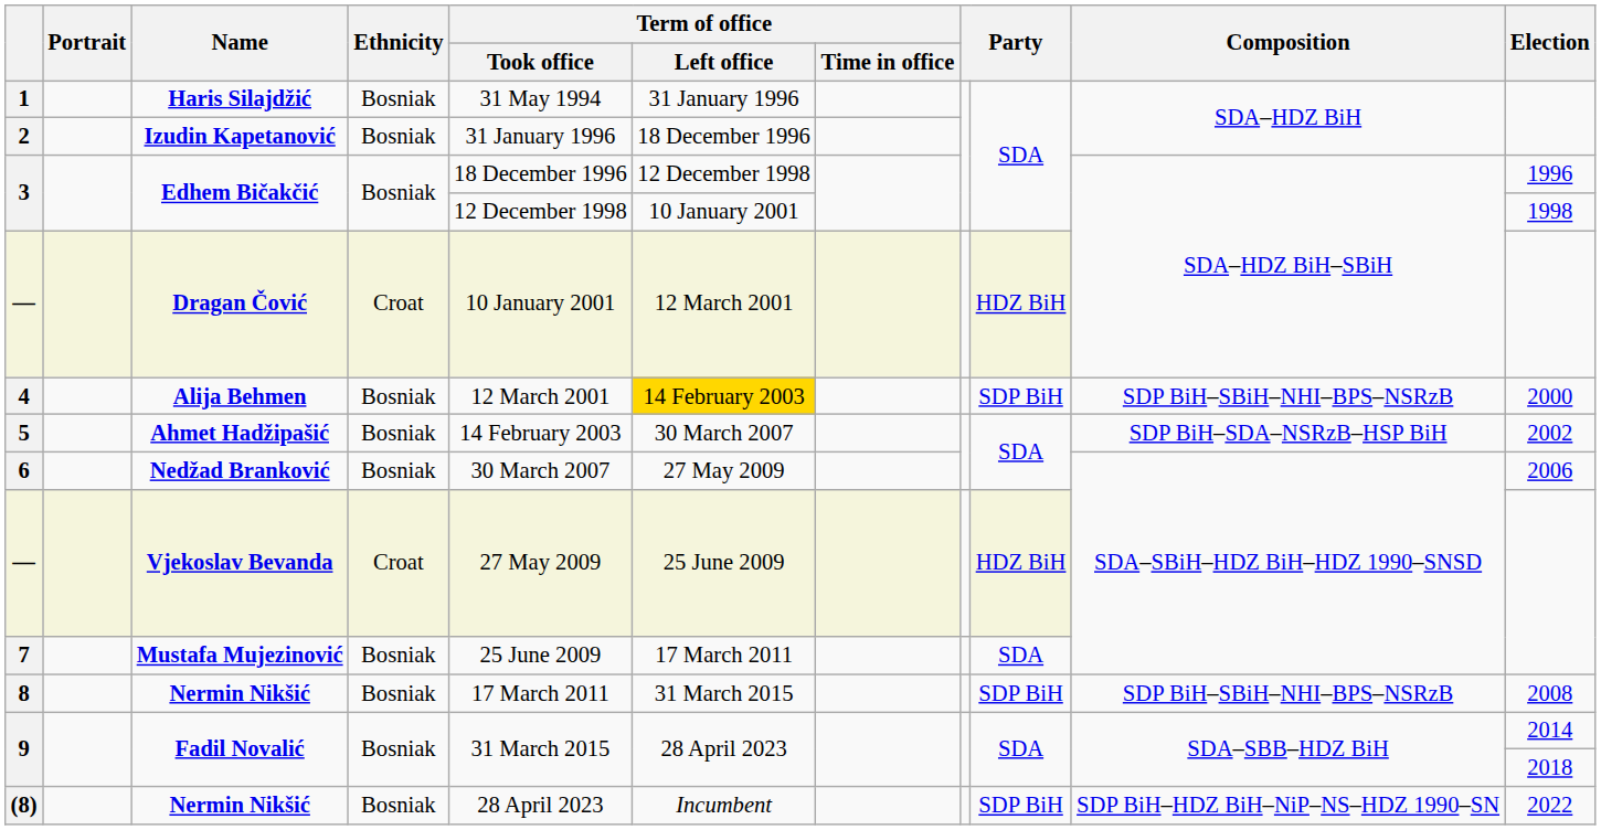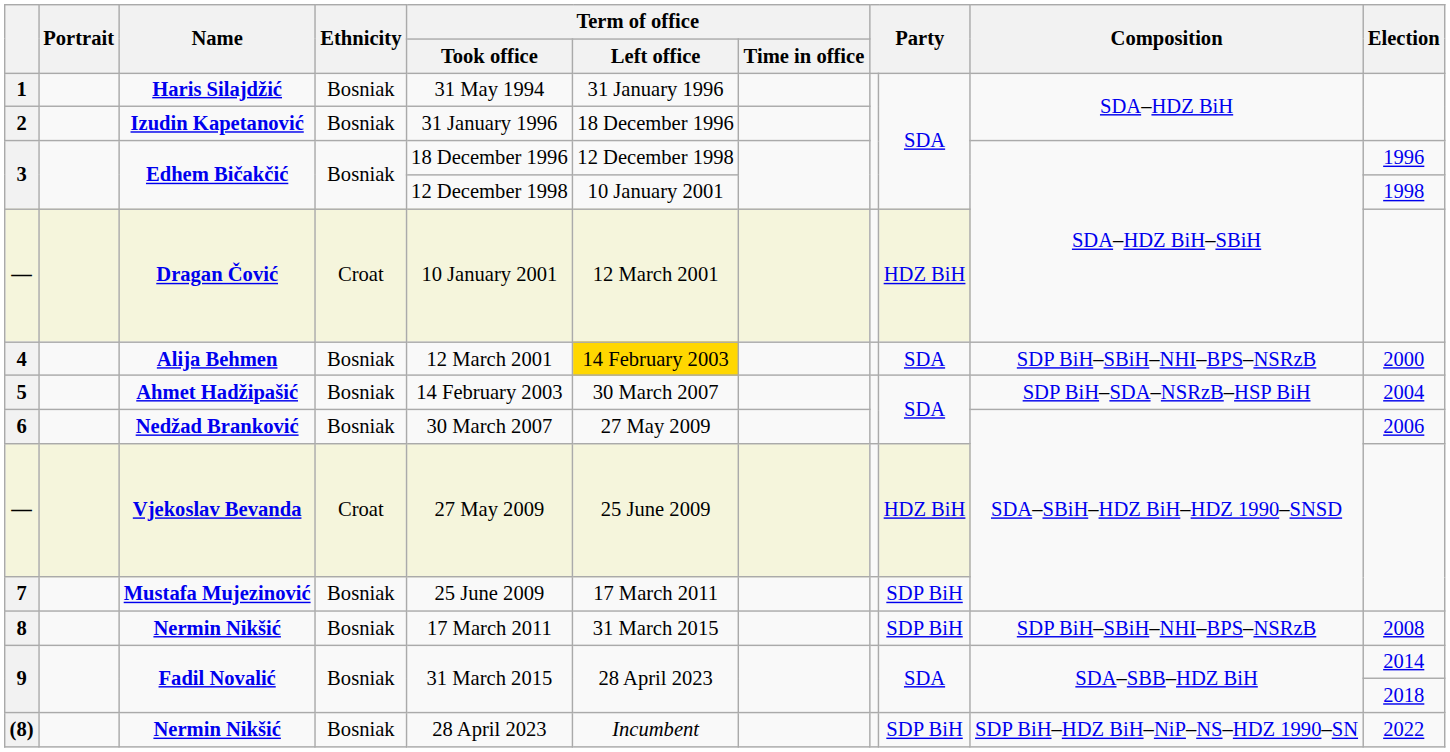 <table class="wikitable sortable" style="text-align: center;font-size:90%; border:1px #AAAAFF solid">
 <tr>
 <th rowspan=2></th>
 <th rowspan=2>Portrait</th>
 <th rowspan=2>Name<br></th>
 <th rowspan=2>Ethnicity</th>
 <th colspan=3>Term of office</th>
 <th rowspan=2 colspan=2>Party</th>
 <th rowspan=2>Composition</th>
 <th rowspan=2>Election</th>
 </tr>
 <tr>
 <th>Took office</th>
 <th>Left office</th>
 <th>Time in office</th>
 </tr>
 <tr>
 <th>1</th>
 <td></td>
 <td><strong><a href='#'>Haris Silajdžić</a></strong><br></td>
 <td>Bosniak</td>
 <td>31 May 1994</td>
 <td>31 January 1996</td>
 <td></td>
 <td rowspan=4 style="background:"></td>
 <td rowspan=4><a href='#'>SDA</a></td>
 <td rowspan=2><a href='#'>SDA</a>–<a href='#'>HDZ BiH</a></td>
 <td rowspan=2></td>
 </tr>
 <tr>
 <th>2</th>
 <td></td>
 <td><strong><a href='#'>Izudin Kapetanović</a></strong><br></td>
 <td>Bosniak</td>
 <td>31 January 1996</td>
 <td>18 December 1996</td>
 <td></td>
 </tr>
 <tr>
 <th rowspan=2>3</th>
 <td rowspan=2></td>
 <td rowspan=2><strong><a href='#'>Edhem Bičakčić</a></strong><br></td>
 <td rowspan=2>Bosniak</td>
 <td>18 December 1996</td>
 <td>12 December 1998</td>
 <td rowspan=2></td>
 <td rowspan=3><a href='#'>SDA</a>–<a href='#'>HDZ BiH</a>–<a href='#'>SBiH</a></td>
 <td><a href='#'>1996</a></td>
 </tr>
 <tr>
 <td>12 December 1998</td>
 <td>10 January 2001</td>
 <td><a href='#'>1998</a></td>
 </tr>
 <tr>
 <th style="height:6em; background-color:#F5F5DC;">—</th>
 <td style="height:6em; background-color:#F5F5DC;"></td>
 <td style="height:6em; background-color:#F5F5DC;"><strong><a href='#'>Dragan Čović</a></strong><br></td>
 <td style="height:6em; background-color:#F5F5DC;">Croat</td>
 <td style="height:6em; background-color:#F5F5DC;">10 January 2001</td>
 <td style="height:6em; background-color:#F5F5DC;">12 March 2001</td>
 <td style="height:6em; background-color:#F5F5DC;"></td>
 <td style="height:6em; background-color:"></td>
 <td style="height:6em; background-color:#F5F5DC;"><a href='#'>HDZ BiH</a></td>
 <td></td>
 </tr>
 <tr>
 <th>4</th>
 <td></td>
 <td><strong><a href='#'>Alija Behmen</a></strong><br></td>
 <td>Bosniak</td>
 <td>12 March 2001</td>
 <td style="background: gold;">14 February 2003</td>
 <td></td>
 <td style="background:"></td>
-<td><a href='#'>SDP BiH</a></td>
+<td><a href='#'>SDA</a></td>
 <td><a href='#'>SDP BiH</a>–<a href='#'>SBiH</a>–<a href='#'>NHI</a>–<a href='#'>BPS</a>–<a href='#'>NSRzB</a></td>
 <td><a href='#'>2000</a></td>
 </tr>
 <tr>
 <th>5</th>
 <td></td>
 <td><strong><a href='#'>Ahmet Hadžipašić</a></strong><br></td>
 <td>Bosniak</td>
 <td>14 February 2003</td>
 <td>30 March 2007</td>
 <td></td>
 <td rowspan=2 style="background:"></td>
 <td rowspan=2><a href='#'>SDA</a></td>
 <td><a href='#'>SDP BiH</a>–<a href='#'>SDA</a>–<a href='#'>NSRzB</a>–<a href='#'>HSP BiH</a></td>
-<td><a href='#'>2002</a></td>
+<td><a href='#'>2004</a></td>
 </tr>
 <tr>
 <th>6</th>
 <td></td>
 <td><strong><a href='#'>Nedžad Branković</a></strong><br></td>
 <td>Bosniak</td>
 <td>30 March 2007</td>
 <td>27 May 2009</td>
 <td></td>
 <td rowspan=3><a href='#'>SDA</a>–<a href='#'>SBiH</a>–<a href='#'>HDZ BiH</a>–<a href='#'>HDZ 1990</a>–<a href='#'>SNSD</a></td>
 <td><a href='#'>2006</a></td>
 </tr>
 <tr>
 <th style="height:6em; background-color:#F5F5DC;">—</th>
 <td style="height:6em; background-color:#F5F5DC;"></td>
 <td style="height:6em; background-color:#F5F5DC;"><strong><a href='#'>Vjekoslav Bevanda</a></strong><br></td>
 <td style="height:6em; background-color:#F5F5DC;">Croat</td>
 <td style="height:6em; background-color:#F5F5DC;">27 May 2009</td>
 <td style="height:6em; background-color:#F5F5DC;">25 June 2009</td>
 <td style="height:6em; background-color:#F5F5DC;"></td>
 <td style="height:6em; background-color:"></td>
 <td style="height:6em; background-color:#F5F5DC;"><a href='#'>HDZ BiH</a></td>
 <td rowspan=2></td>
 </tr>
 <tr>
 <th>7</th>
 <td></td>
 <td><strong><a href='#'>Mustafa Mujezinović</a></strong><br></td>
 <td>Bosniak</td>
 <td>25 June 2009</td>
 <td>17 March 2011</td>
 <td></td>
 <td style="background:"></td>
-<td><a href='#'>SDA</a></td>
+<td><a href='#'>SDP BiH</a></td>
 </tr>
 <tr>
 <th>8</th>
 <td></td>
 <td><strong><a href='#'>Nermin Nikšić</a></strong><br></td>
 <td>Bosniak</td>
 <td>17 March 2011</td>
 <td>31 March 2015</td>
 <td></td>
 <td style="background:"></td>
 <td><a href='#'>SDP BiH</a></td>
 <td><a href='#'>SDP BiH</a>–<a href='#'>SBiH</a>–<a href='#'>NHI</a>–<a href='#'>BPS</a>–<a href='#'>NSRzB</a></td>
 <td><a href='#'>2008</a></td>
 </tr>
 <tr>
 <th rowspan=2>9</th>
 <td rowspan=2></td>
 <td rowspan=2><strong><a href='#'>Fadil Novalić</a></strong><br></td>
 <td rowspan=2>Bosniak</td>
 <td rowspan=2>31 March 2015</td>
 <td rowspan=2>28 April 2023</td>
 <td rowspan=2></td>
 <td rowspan=2 style="background:"></td>
 <td rowspan=2><a href='#'>SDA</a></td>
 <td rowspan=2><a href='#'>SDA</a>–<a href='#'>SBB</a>–<a href='#'>HDZ BiH</a></td>
 <td><a href='#'>2014</a></td>
 </tr>
 <tr>
 <td><a href='#'>2018</a></td>
 </tr>
 <tr>
 <th>(8)</th>
 <td></td>
 <td><strong><a href='#'>Nermin Nikšić</a></strong><br></td>
 <td>Bosniak</td>
 <td>28 April 2023</td>
 <td><em>Incumbent</em></td>
 <td></td>
 <td style="background:"></td>
 <td><a href='#'>SDP BiH</a></td>
 <td><a href='#'>SDP BiH</a>–<a href='#'>HDZ BiH</a>–<a href='#'>NiP</a>–<a href='#'>NS</a>–<a href='#'>HDZ 1990</a>–<a href='#'>SN</a></td>
 <td><a href='#'>2022</a></td>
 </tr>
 </table>
